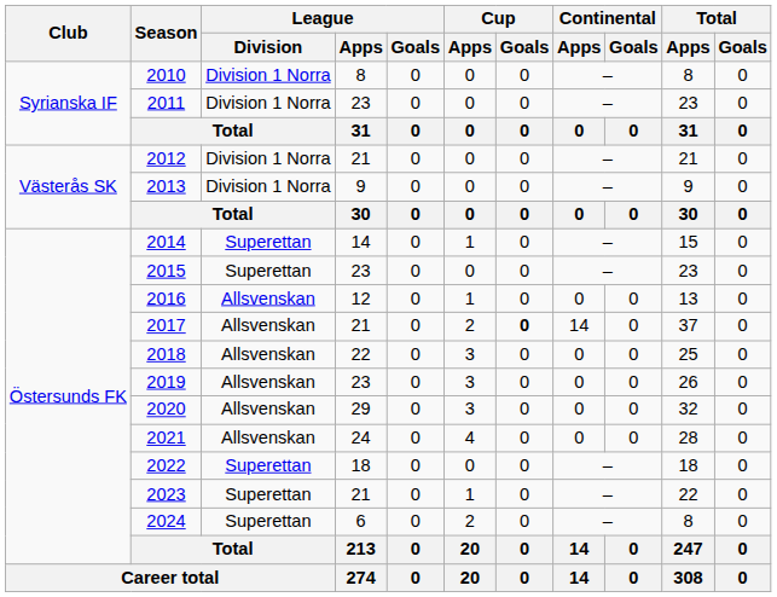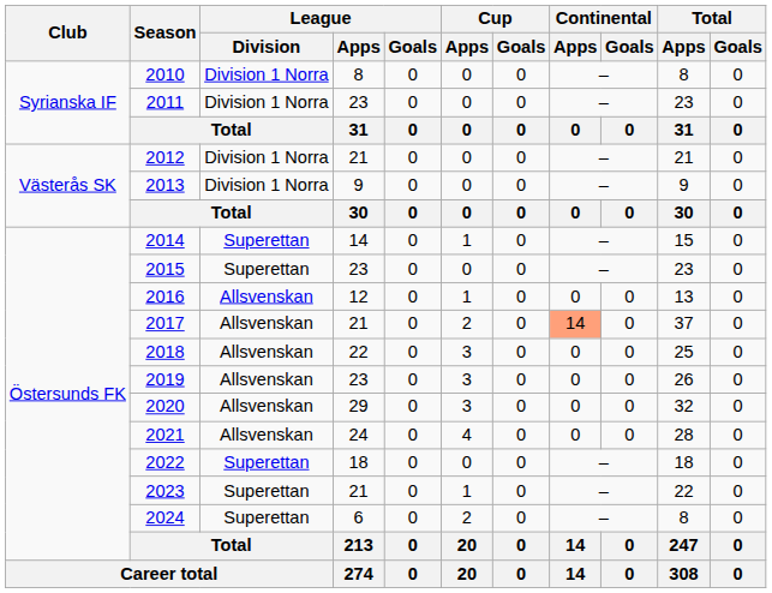 <table class="wikitable" style="text-align: center">
 <tr>
 <th rowspan="2">Club</th>
 <th rowspan="2">Season</th>
 <th colspan="3">League</th>
 <th colspan="2">Cup</th>
 <th colspan="2">Continental</th>
 <th colspan="2">Total</th>
 </tr>
 <tr>
 <th>Division</th>
 <th>Apps</th>
 <th>Goals</th>
 <th>Apps</th>
 <th>Goals</th>
 <th>Apps</th>
 <th>Goals</th>
 <th>Apps</th>
 <th>Goals</th>
 </tr>
 <tr>
 <td rowspan="3"><a href='#'>Syrianska IF</a></td>
 <td><a href='#'>2010</a></td>
 <td><a href='#'>Division 1 Norra</a></td>
 <td>8</td>
 <td>0</td>
 <td>0</td>
 <td>0</td>
 <td colspan="2">–</td>
 <td>8</td>
 <td>0</td>
 </tr>
 <tr>
 <td><a href='#'>2011</a></td>
 <td>Division 1 Norra</td>
 <td>23</td>
 <td>0</td>
 <td>0</td>
 <td>0</td>
 <td colspan="2">–</td>
 <td>23</td>
 <td>0</td>
 </tr>
 <tr>
 <th colspan="2">Total</th>
 <th>31</th>
 <th>0</th>
 <th>0</th>
 <th>0</th>
 <th>0</th>
 <th>0</th>
 <th>31</th>
 <th>0</th>
 </tr>
 <tr>
 <td rowspan="3"><a href='#'>Västerås SK</a></td>
 <td><a href='#'>2012</a></td>
 <td>Division 1 Norra</td>
 <td>21</td>
 <td>0</td>
 <td>0</td>
 <td>0</td>
 <td colspan="2">–</td>
 <td>21</td>
 <td>0</td>
 </tr>
 <tr>
 <td><a href='#'>2013</a></td>
 <td>Division 1 Norra</td>
 <td>9</td>
 <td>0</td>
 <td>0</td>
 <td>0</td>
 <td colspan="2">–</td>
 <td>9</td>
 <td>0</td>
 </tr>
 <tr>
 <th colspan="2">Total</th>
 <th>30</th>
 <th>0</th>
 <th>0</th>
 <th>0</th>
 <th>0</th>
 <th>0</th>
 <th>30</th>
 <th>0</th>
 </tr>
 <tr>
 <td rowspan="12"><a href='#'>Östersunds FK</a></td>
 <td><a href='#'>2014</a></td>
 <td><a href='#'>Superettan</a></td>
 <td>14</td>
 <td>0</td>
 <td>1</td>
 <td>0</td>
 <td colspan="2">–</td>
 <td>15</td>
 <td>0</td>
 </tr>
 <tr>
 <td><a href='#'>2015</a></td>
 <td>Superettan</td>
 <td>23</td>
 <td>0</td>
 <td>0</td>
 <td>0</td>
 <td colspan="2">–</td>
 <td>23</td>
 <td>0</td>
 </tr>
 <tr>
 <td><a href='#'>2016</a></td>
 <td><a href='#'>Allsvenskan</a></td>
 <td>12</td>
 <td>0</td>
 <td>1</td>
 <td>0</td>
 <td>0</td>
 <td>0</td>
 <td>13</td>
 <td>0</td>
 </tr>
 <tr>
 <td><a href='#'>2017</a></td>
 <td>Allsvenskan</td>
 <td>21</td>
 <td>0</td>
 <td>2</td>
-<td><strong>0</strong></td>
-<td>14</td>
+<td>0</td>
+<td style="background: lightsalmon;">14</td>
 <td>0</td>
 <td>37</td>
 <td>0</td>
 </tr>
 <tr>
 <td><a href='#'>2018</a></td>
 <td>Allsvenskan</td>
 <td>22</td>
 <td>0</td>
 <td>3</td>
 <td>0</td>
 <td>0</td>
 <td>0</td>
 <td>25</td>
 <td>0</td>
 </tr>
 <tr>
 <td><a href='#'>2019</a></td>
 <td>Allsvenskan</td>
 <td>23</td>
 <td>0</td>
 <td>3</td>
 <td>0</td>
 <td>0</td>
 <td>0</td>
 <td>26</td>
 <td>0</td>
 </tr>
 <tr>
 <td><a href='#'>2020</a></td>
 <td>Allsvenskan</td>
 <td>29</td>
 <td>0</td>
 <td>3</td>
 <td>0</td>
 <td>0</td>
 <td>0</td>
 <td>32</td>
 <td>0</td>
 </tr>
 <tr>
 <td><a href='#'>2021</a></td>
 <td>Allsvenskan</td>
 <td>24</td>
 <td>0</td>
 <td>4</td>
 <td>0</td>
 <td>0</td>
 <td>0</td>
 <td>28</td>
 <td>0</td>
 </tr>
 <tr>
 <td><a href='#'>2022</a></td>
 <td><a href='#'>Superettan</a></td>
 <td>18</td>
 <td>0</td>
 <td>0</td>
 <td>0</td>
 <td colspan="2">–</td>
 <td>18</td>
 <td>0</td>
 </tr>
 <tr>
 <td><a href='#'>2023</a></td>
 <td>Superettan</td>
 <td>21</td>
 <td>0</td>
 <td>1</td>
 <td>0</td>
 <td colspan="2">–</td>
 <td>22</td>
 <td>0</td>
 </tr>
 <tr>
 <td><a href='#'>2024</a></td>
 <td>Superettan</td>
 <td>6</td>
 <td>0</td>
 <td>2</td>
 <td>0</td>
 <td colspan="2">–</td>
 <td>8</td>
 <td>0</td>
 </tr>
 <tr>
 <th colspan="2">Total</th>
 <th>213</th>
 <th>0</th>
 <th>20</th>
 <th>0</th>
 <th>14</th>
 <th>0</th>
 <th>247</th>
 <th>0</th>
 </tr>
 <tr>
 <th colspan="3">Career total</th>
 <th>274</th>
 <th>0</th>
 <th>20</th>
 <th>0</th>
 <th>14</th>
 <th>0</th>
 <th>308</th>
 <th>0</th>
 </tr>
 </table>
